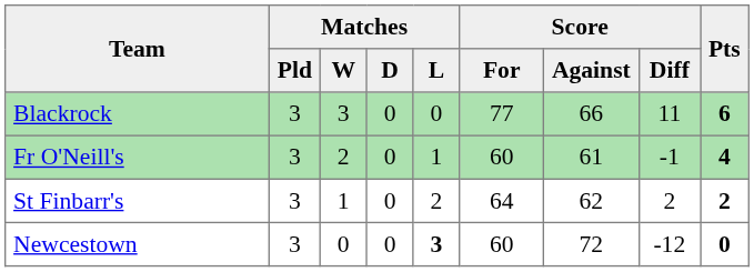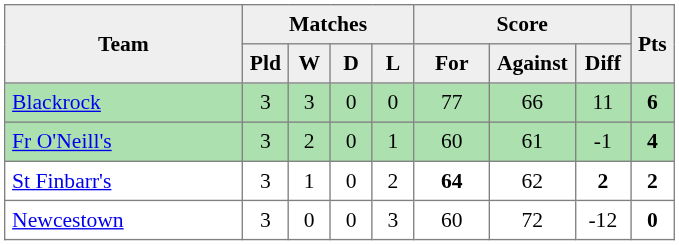 <table style=border-collapse:collapse border=1 cellspacing=0 cellpadding=5>
 <tr align=center bgcolor=#efefef>
 <th rowspan=2 width=165>Team</th>
 <th colspan=4>Matches</th>
 <th colspan=3>Score</th>
 <th rowspan=2width=20>Pts</th>
 </tr>
 <tr align=center bgcolor=#efefef>
 <th width=20>Pld</th>
 <th width=20>W</th>
 <th width=20>D</th>
 <th width=20>L</th>
 <th width=45>For</th>
 <th width=45>Against</th>
 <th width=30>Diff</th>
 </tr>
 <tr align=center style="background:#ACE1AF;">
 <td style="text-align:left;"><a href='#'>Blackrock</a></td>
 <td>3</td>
 <td>3</td>
 <td>0</td>
 <td>0</td>
 <td>77</td>
 <td>66</td>
 <td>11</td>
 <td><strong>6</strong></td>
 </tr>
 <tr align=center style="background:#ACE1AF;">
 <td style="text-align:left;"><a href='#'>Fr O'Neill's</a></td>
 <td>3</td>
 <td>2</td>
 <td>0</td>
 <td>1</td>
 <td>60</td>
 <td>61</td>
 <td>-1</td>
 <td><strong>4</strong></td>
 </tr>
 <tr align=center>
 <td style="text-align:left;"><a href='#'>St Finbarr's</a></td>
 <td>3</td>
 <td>1</td>
 <td>0</td>
 <td>2</td>
-<td>64</td>
+<td><strong>64</strong></td>
 <td>62</td>
-<td>2</td>
+<td><strong>2</strong></td>
 <td><strong>2</strong></td>
 </tr>
 <tr align=center>
 <td style="text-align:left;"><a href='#'>Newcestown</a></td>
 <td>3</td>
 <td>0</td>
 <td>0</td>
-<td><strong>3</strong></td>
+<td>3</td>
 <td>60</td>
 <td>72</td>
 <td>-12</td>
 <td><strong>0</strong></td>
 </tr>
 </table>
